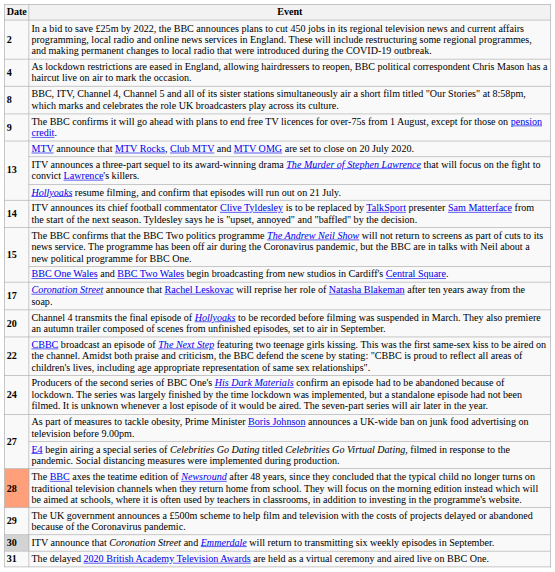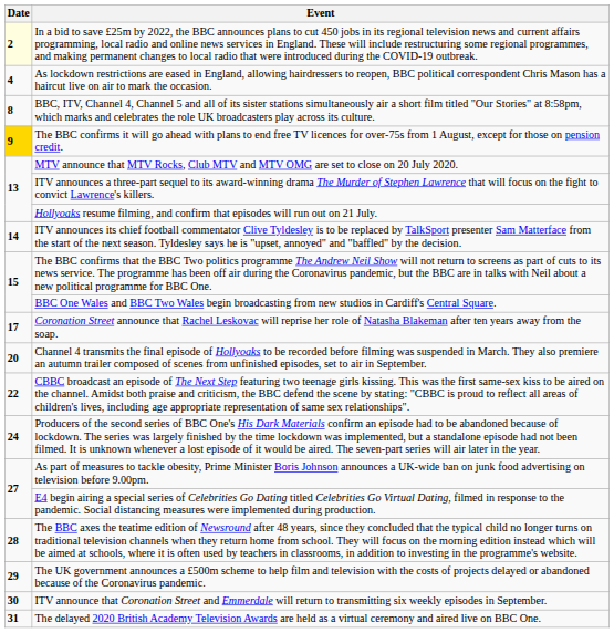 <table class="wikitable">
 <tr>
 <th>Date</th>
 <th>Event</th>
 </tr>
 <tr>
-<td><strong>2</strong></td>
+<td style="background: lightyellow;"><strong>2</strong></td>
 <td>In a bid to save £25m by 2022, the BBC announces plans to cut 450 jobs in its regional television news and current affairs programming, local radio and online news services in England. These will include restructuring some regional programmes, and making permanent changes to local radio that were introduced during the COVID-19 outbreak.</td>
 </tr>
 <tr>
 <td><strong>4</strong></td>
 <td>As lockdown restrictions are eased in England, allowing hairdressers to reopen, BBC political correspondent Chris Mason has a haircut live on air to mark the occasion.</td>
 </tr>
 <tr>
 <td><strong>8</strong></td>
 <td>BBC, ITV, Channel 4, Channel 5 and all of its sister stations simultaneously air a short film titled "Our Stories" at 8:58pm, which marks and celebrates the role UK broadcasters play across its culture.</td>
 </tr>
 <tr>
-<td><strong>9</strong></td>
+<td style="background: gold;"><strong>9</strong></td>
 <td>The BBC confirms it will go ahead with plans to end free TV licences for over-75s from 1 August, except for those on <a href='#'>pension credit</a>.</td>
 </tr>
 <tr>
 <td rowspan=3><strong>13</strong></td>
 <td><a href='#'>MTV</a> announce that <a href='#'>MTV Rocks</a>, <a href='#'>Club MTV</a> and <a href='#'>MTV OMG</a> are set to close on 20 July 2020.</td>
 </tr>
 <tr>
 <td>ITV announces a three-part sequel to its award-winning drama <em><a href='#'>The Murder of Stephen Lawrence</a></em> that will focus on the fight to convict <a href='#'>Lawrence</a>'s killers.</td>
 </tr>
 <tr>
 <td><em><a href='#'>Hollyoaks</a></em> resume filming, and confirm that episodes will run out on 21 July.</td>
 </tr>
 <tr>
 <td><strong>14</strong></td>
 <td>ITV announces its chief football commentator <a href='#'>Clive Tyldesley</a> is to be replaced by <a href='#'>TalkSport</a> presenter <a href='#'>Sam Matterface</a> from the start of the next season. Tyldesley says he is "upset, annoyed" and "baffled" by the decision.</td>
 </tr>
 <tr>
 <td rowspan=2><strong>15</strong></td>
 <td>The BBC confirms that the BBC Two politics programme <em><a href='#'>The Andrew Neil Show</a></em> will not return to screens as part of cuts to its news service. The programme has been off air during the Coronavirus pandemic, but the BBC are in talks with Neil about a new political programme for BBC One.</td>
 </tr>
 <tr>
 <td><a href='#'>BBC One Wales</a> and <a href='#'>BBC Two Wales</a> begin broadcasting from new studios in Cardiff's <a href='#'>Central Square</a>.</td>
 </tr>
 <tr>
 <td><strong>17</strong></td>
 <td><em><a href='#'>Coronation Street</a></em> announce that <a href='#'>Rachel Leskovac</a> will reprise her role of <a href='#'>Natasha Blakeman</a> after ten years away from the soap.</td>
 </tr>
 <tr>
 <td><strong>20</strong></td>
 <td>Channel 4 transmits the final episode of <em><a href='#'>Hollyoaks</a></em> to be recorded before filming was suspended in March. They also premiere an autumn trailer composed of scenes from unfinished episodes, set to air in September.</td>
 </tr>
 <tr>
 <td><strong>22</strong></td>
 <td><a href='#'>CBBC</a> broadcast an episode of <em><a href='#'>The Next Step</a></em> featuring two teenage girls kissing. This was the first same-sex kiss to be aired on the channel. Amidst both praise and criticism, the BBC defend the scene by stating: "CBBC is proud to reflect all areas of children's lives, including age appropriate representation of same sex relationships".</td>
 </tr>
 <tr>
 <td><strong>24</strong></td>
 <td>Producers of the second series of BBC One's <em><a href='#'>His Dark Materials</a></em> confirm an episode had to be abandoned because of lockdown. The series was largely finished by the time lockdown was implemented, but a standalone episode had not been filmed. It is unknown whenever a lost episode of it would be aired. The seven-part series will air later in the year.</td>
 </tr>
 <tr>
 <td rowspan=2><strong>27</strong></td>
 <td>As part of measures to tackle obesity, Prime Minister <a href='#'>Boris Johnson</a> announces a UK-wide ban on junk food advertising on television before 9.00pm.</td>
 </tr>
 <tr>
 <td><a href='#'>E4</a> begin airing a special series of <em>Celebrities Go Dating</em> titled <em>Celebrities Go Virtual Dating</em>, filmed in response to the pandemic. Social distancing measures were implemented during production.</td>
 </tr>
 <tr>
-<td style="background: lightsalmon;"><strong>28</strong></td>
+<td><strong>28</strong></td>
 <td>The <a href='#'>BBC</a> axes the teatime edition of <em><a href='#'>Newsround</a></em> after 48 years, since they concluded that the typical child no longer turns on traditional television channels when they return home from school. They will focus on the morning edition instead which will be aimed at schools, where it is often used by teachers in classrooms, in addition to investing in the programme's website.</td>
 </tr>
 <tr>
 <td><strong>29</strong></td>
 <td>The UK government announces a £500m scheme to help film and television with the costs of projects delayed or abandoned because of the Coronavirus pandemic.</td>
 </tr>
 <tr>
-<td style="background: lightgrey;"><strong>30</strong></td>
+<td><strong>30</strong></td>
 <td>ITV announce that <em>Coronation Street</em> and <em><a href='#'>Emmerdale</a></em> will return to transmitting six weekly episodes in September.</td>
 </tr>
 <tr>
 <td><strong>31</strong></td>
 <td>The delayed <a href='#'>2020 British Academy Television Awards</a> are held as a virtual ceremony and aired live on BBC One.</td>
 </tr>
 </table>
